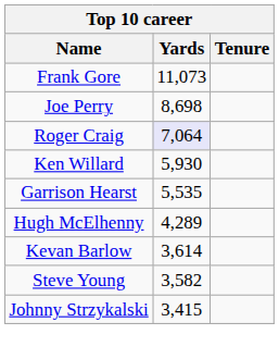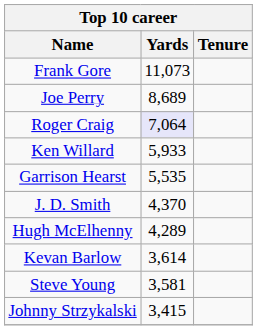 <table class="wikitable" style="text-align:center">
 <tr>
 <th colspan="3"><strong>Top 10 career</strong></th>
 </tr>
 <tr>
 <th><strong>Name</strong></th>
 <th><strong>Yards</strong></th>
 <th><strong>Tenure</strong></th>
 </tr>
 <tr>
 <td><a href='#'>Frank Gore</a></td>
 <td>11,073</td>
 <td></td>
 </tr>
 <tr>
 <td><a href='#'>Joe Perry</a></td>
-<td>8,698</td>
+<td>8,689</td>
 <td></td>
 </tr>
 <tr>
 <td><a href='#'>Roger Craig</a></td>
 <td style="background: lavender;">7,064</td>
 <td></td>
 </tr>
 <tr>
 <td><a href='#'>Ken Willard</a></td>
-<td>5,930</td>
+<td>5,933</td>
 <td></td>
 </tr>
 <tr>
 <td><a href='#'>Garrison Hearst</a></td>
 <td>5,535</td>
+<td></td>
+</tr>
+<tr>
+<td><a href='#'>J. D. Smith</a></td>
+<td>4,370</td>
 <td></td>
 </tr>
 <tr>
 <td><a href='#'>Hugh McElhenny</a></td>
 <td>4,289</td>
 <td></td>
 </tr>
 <tr>
 <td><a href='#'>Kevan Barlow</a></td>
 <td>3,614</td>
 <td></td>
 </tr>
 <tr>
 <td><a href='#'>Steve Young</a></td>
-<td>3,582</td>
+<td>3,581</td>
 <td></td>
 </tr>
 <tr>
 <td><a href='#'>Johnny Strzykalski</a></td>
 <td>3,415</td>
 <td></td>
 </tr>
 <tr>
 </tr>
 </table>
